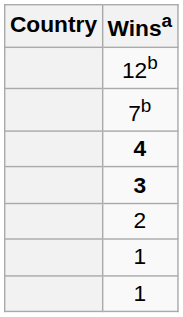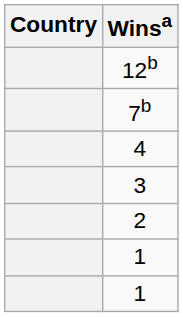 <table class="sortable wikitable plainrowheaders">
 <tr>
 <th>Country</th>
 <th>Wins<sup>a</sup></th>
 </tr>
 <tr>
 <th scope="row"></th>
 <td style="text-align:center;">12<sup>b</sup></td>
 </tr>
 <tr>
 <th scope="row"></th>
 <td style="text-align:center;">7<sup>b</sup></td>
 </tr>
 <tr>
 <th scope="row"></th>
-<td style="text-align:center;"><strong>4</strong></td>
+<td style="text-align:center;">4</td>
 </tr>
 <tr>
 <th scope="row"></th>
-<td style="text-align:center;"><strong>3</strong></td>
+<td style="text-align:center;">3</td>
 </tr>
 <tr>
 <th scope="row"></th>
 <td style="text-align:center;">2</td>
 </tr>
 <tr>
 <th scope="row"></th>
 <td style="text-align:center;">1</td>
 </tr>
 <tr>
 <th scope="row"></th>
 <td style="text-align:center;">1</td>
 </tr>
 </table>
